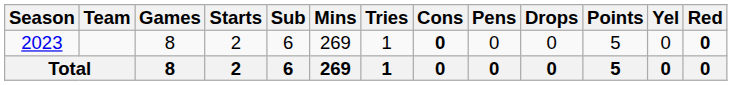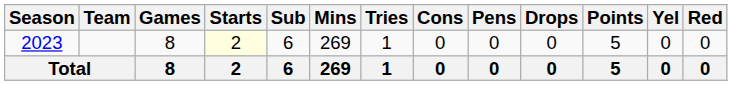 <table class="wikitable" style="text-align:center; line-height:90%; font-size:95%; width:60%;">
 <tr>
 <th>Season</th>
 <th>Team</th>
 <th>Games</th>
 <th>Starts</th>
 <th>Sub</th>
 <th>Mins</th>
 <th>Tries</th>
 <th>Cons</th>
 <th>Pens</th>
 <th>Drops</th>
 <th>Points</th>
 <th>Yel</th>
 <th>Red</th>
 </tr>
 <tr>
 <td><a href='#'>2023</a></td>
 <td></td>
 <td>8</td>
-<td>2</td>
+<td style="background: lightyellow;">2</td>
 <td>6</td>
 <td>269</td>
 <td>1</td>
-<td><strong>0</strong></td>
+<td>0</td>
 <td>0</td>
 <td>0</td>
 <td>5</td>
 <td>0</td>
-<td><strong>0</strong></td>
+<td>0</td>
 </tr>
 <tr>
 <th colspan="2">Total</th>
 <th>8</th>
 <th>2</th>
 <th>6</th>
 <th>269</th>
 <th>1</th>
 <th>0</th>
 <th>0</th>
 <th>0</th>
 <th>5</th>
 <th>0</th>
 <th>0</th>
 </tr>
 </table>
